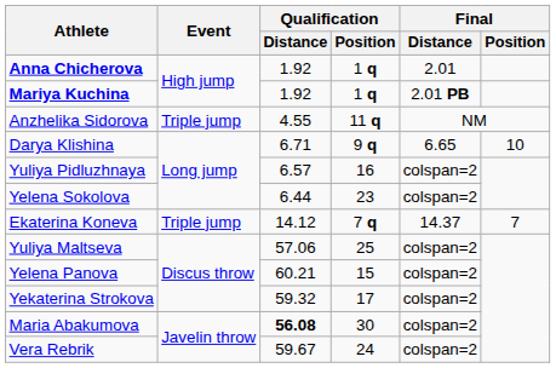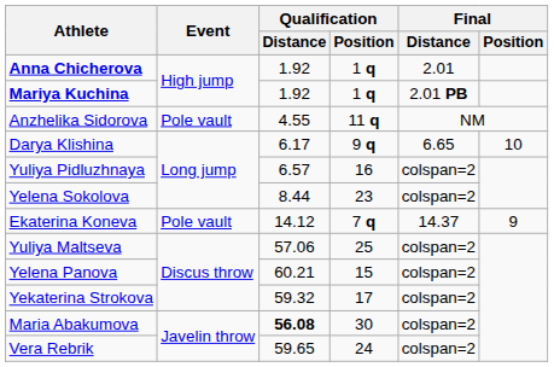 <table class=wikitable style="font-size:90%">
 <tr>
 <th rowspan="2">Athlete</th>
 <th rowspan="2">Event</th>
 <th colspan="2">Qualification</th>
 <th colspan="2">Final</th>
 </tr>
 <tr style="font-size:95%">
 <th>Distance</th>
 <th>Position</th>
 <th>Distance</th>
 <th>Position</th>
 </tr>
 <tr style=text-align:center>
 <td style=text-align:left><strong><a href='#'>Anna Chicherova</a></strong></td>
 <td style=text-align:left rowspan=2><a href='#'>High jump</a></td>
 <td>1.92</td>
 <td>1 <strong>q</strong></td>
 <td>2.01</td>
 <td></td>
 </tr>
 <tr style=text-align:center>
 <td style=text-align:left><strong><a href='#'>Mariya Kuchina</a></strong></td>
 <td>1.92</td>
 <td>1 <strong>q</strong></td>
 <td>2.01 <strong>PB</strong></td>
 <td></td>
 </tr>
 <tr style=text-align:center>
 <td style=text-align:left><a href='#'>Anzhelika Sidorova</a></td>
-<td style=text-align:left><a href='#'>Triple jump</a></td>
+<td style=text-align:left><a href='#'>Pole vault</a></td>
 <td>4.55</td>
 <td>11 <strong>q</strong></td>
 <td colspan=2>NM</td>
 </tr>
 <tr style=text-align:center>
 <td style=text-align:left><a href='#'>Darya Klishina</a></td>
 <td style=text-align:left rowspan=3><a href='#'>Long jump</a></td>
-<td>6.71</td>
+<td>6.17</td>
 <td>9 <strong>q</strong></td>
 <td>6.65</td>
 <td>10</td>
 </tr>
 <tr style=text-align:center>
 <td style=text-align:left><a href='#'>Yuliya Pidluzhnaya</a></td>
 <td>6.57</td>
 <td>16</td>
 <td>colspan=2 </td>
 </tr>
 <tr style=text-align:center>
 <td style=text-align:left><a href='#'>Yelena Sokolova</a></td>
-<td>6.44</td>
+<td>8.44</td>
 <td>23</td>
 <td>colspan=2 </td>
 </tr>
 <tr style=text-align:center>
 <td style=text-align:left><a href='#'>Ekaterina Koneva</a></td>
-<td style=text-align:left><a href='#'>Triple jump</a></td>
+<td style=text-align:left><a href='#'>Pole vault</a></td>
 <td>14.12</td>
 <td>7 <strong>q</strong></td>
 <td>14.37</td>
-<td>7</td>
+<td>9</td>
 </tr>
 <tr style=text-align:center>
 <td style=text-align:left><a href='#'>Yuliya Maltseva</a></td>
 <td style=text-align:left rowspan=3><a href='#'>Discus throw</a></td>
 <td>57.06</td>
 <td>25</td>
 <td>colspan=2 </td>
 </tr>
 <tr style=text-align:center>
 <td style=text-align:left><a href='#'>Yelena Panova</a></td>
 <td>60.21</td>
 <td>15</td>
 <td>colspan=2 </td>
 </tr>
 <tr style=text-align:center>
 <td style=text-align:left><a href='#'>Yekaterina Strokova</a></td>
 <td>59.32</td>
 <td>17</td>
 <td>colspan=2 </td>
 </tr>
 <tr style=text-align:center>
 <td style=text-align:left><a href='#'>Maria Abakumova</a></td>
 <td style=text-align:left rowspan=2><a href='#'>Javelin throw</a></td>
 <td><strong>56.08</strong></td>
 <td>30</td>
 <td>colspan=2 </td>
 </tr>
 <tr style=text-align:center>
 <td style=text-align:left><a href='#'>Vera Rebrik</a></td>
-<td>59.67</td>
+<td>59.65</td>
 <td>24</td>
 <td>colspan=2 </td>
 </tr>
 </table>
